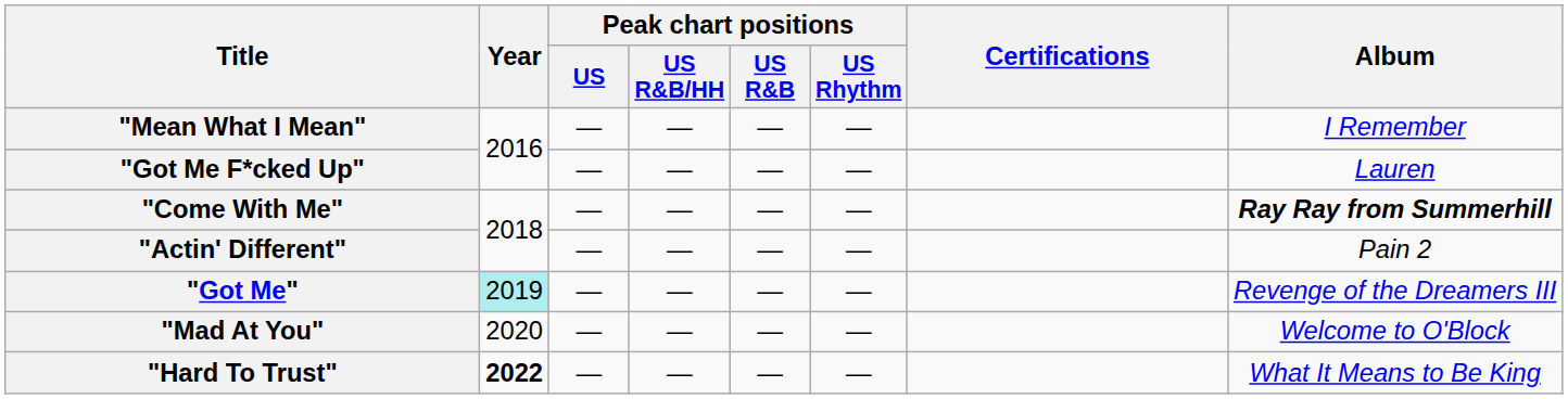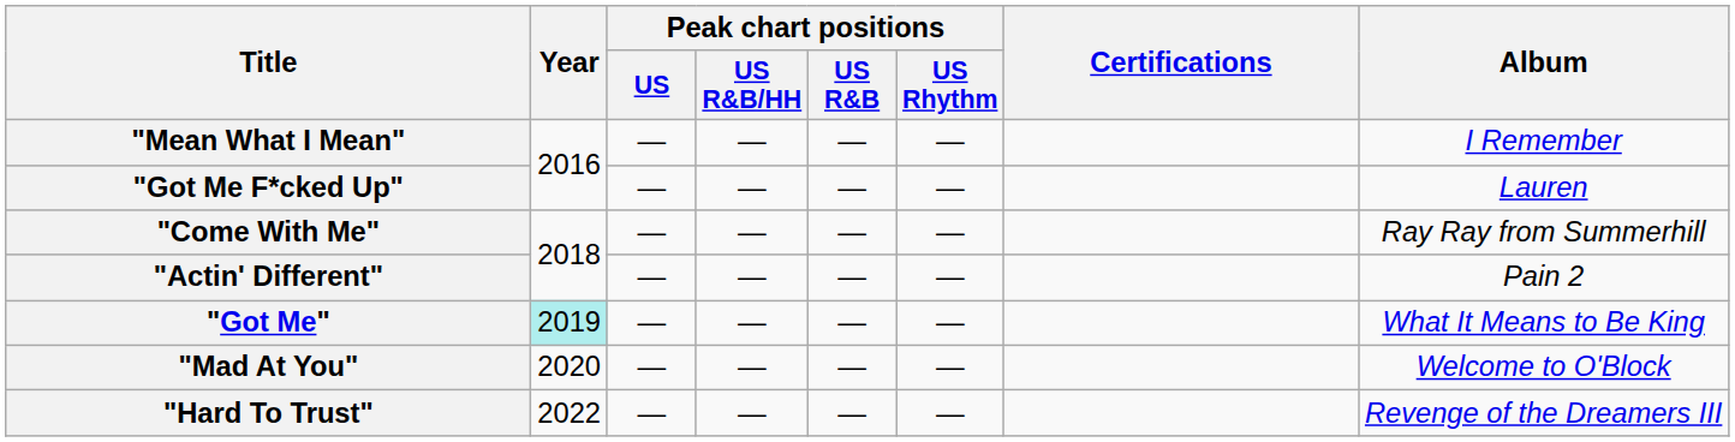 <table class="wikitable plainrowheaders" style="text-align:center;">
 <tr>
 <th scope="col" rowspan="2" style="width:18em;">Title</th>
 <th scope="col" rowspan="2">Year</th>
 <th scope="col" colspan="4">Peak chart positions</th>
 <th scope="col" rowspan="2" style="width:12em;"><a href='#'>Certifications</a></th>
 <th scope="col" rowspan="2">Album</th>
 </tr>
 <tr>
 <th scope="col" style="width:3em;font-size:90%;"><a href='#'>US</a><br></th>
 <th scope="col" style="width:3em;font-size:90%;"><a href='#'>US R&B/HH</a><br></th>
 <th scope="col" style="width:3em;font-size:90%;"><a href='#'>US R&B</a><br></th>
 <th scope="col" style="width:3em;font-size:90%;"><a href='#'>US<br>Rhythm</a><br></th>
 </tr>
 <tr>
 <th scope="row">"Mean What I Mean"<br></th>
 <td rowspan="2">2016</td>
 <td>—</td>
 <td>—</td>
 <td>—</td>
 <td>—</td>
 <td></td>
 <td><em><a href='#'>I Remember</a></em></td>
 </tr>
 <tr>
 <th scope="row">"Got Me F*cked Up"<br></th>
 <td>—</td>
 <td>—</td>
 <td>—</td>
 <td>—</td>
 <td></td>
 <td><em><a href='#'>Lauren</a></em></td>
 </tr>
 <tr>
 <th scope="row">"Come With Me"<br></th>
 <td rowspan="2">2018</td>
 <td>—</td>
 <td>—</td>
 <td>—</td>
 <td>—</td>
 <td></td>
-<td><strong><em>Ray Ray from Summerhill</em></strong></td>
+<td><em>Ray Ray from Summerhill</em></td>
 </tr>
 <tr>
 <th scope="row">"Actin' Different"<br></th>
 <td>—</td>
 <td>—</td>
 <td>—</td>
 <td>—</td>
 <td></td>
 <td><em>Pain 2</em></td>
 </tr>
 <tr>
 <th scope="row">"<a href='#'>Got Me</a>"<br></th>
 <td style="background: paleturquoise;">2019</td>
 <td>—</td>
 <td>—</td>
 <td>—</td>
 <td>—</td>
 <td></td>
-<td><em><a href='#'>Revenge of the Dreamers III</a></em></td>
+<td><em><a href='#'>What It Means to Be King</a></em></td>
 </tr>
 <tr>
 <th scope="row">"Mad At You"<br></th>
 <td>2020</td>
 <td>—</td>
 <td>—</td>
 <td>—</td>
 <td>—</td>
 <td></td>
 <td><em><a href='#'>Welcome to O'Block</a></em></td>
 </tr>
 <tr>
 <th scope="row">"Hard To Trust"<br></th>
-<td><strong>2022</strong></td>
+<td>2022</td>
 <td>—</td>
 <td>—</td>
 <td>—</td>
 <td>—</td>
 <td></td>
-<td><em><a href='#'>What It Means to Be King</a></em></td>
+<td><em><a href='#'>Revenge of the Dreamers III</a></em></td>
 </tr>
 </table>
